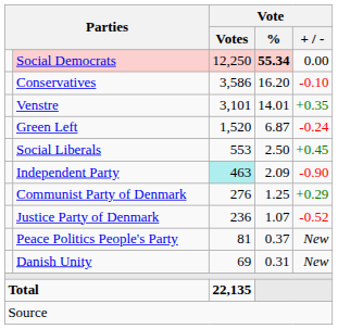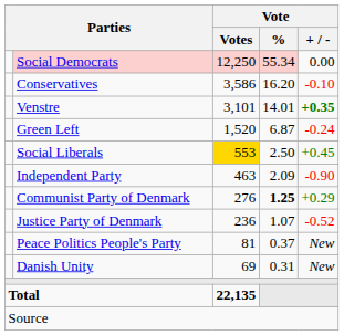 <table class="wikitable" style="text-align:right;">
 <tr>
 <th style="text-align:centre;" rowspan="2" colspan="2" width="225">Parties</th>
 <th colspan="3">Vote</th>
 </tr>
 <tr>
 <th width="15">Votes</th>
 <th width="15">%</th>
 <th width="15">+ / -</th>
 </tr>
 <tr>
 <td width="2" style="color:inherit;background:"></td>
 <td bgcolor=#fbd0ce  align="left"><a href='#'>Social Democrats</a></td>
 <td bgcolor=#fbd0ce>12,250</td>
-<td bgcolor=#fbd0ce><strong>55.34</strong></td>
+<td bgcolor=#fbd0ce>55.34</td>
 <td>0.00</td>
 </tr>
 <tr>
 <td width="2" style="color:inherit;background:"></td>
 <td align="left"><a href='#'>Conservatives</a></td>
 <td>3,586</td>
 <td>16.20</td>
 <td style=color:red;>-0.10</td>
 </tr>
 <tr>
 <td width="2" style="color:inherit;background:"></td>
 <td align="left"><a href='#'>Venstre</a></td>
 <td>3,101</td>
 <td>14.01</td>
-<td style=color:green;>+0.35</td>
+<td style=color:green;><strong>+0.35</strong></td>
 </tr>
 <tr>
 <td width="2" style="color:inherit;background:"></td>
 <td align="left"><a href='#'>Green Left</a></td>
 <td>1,520</td>
 <td>6.87</td>
 <td style=color:red;>-0.24</td>
 </tr>
 <tr>
 <td width="2" style="color:inherit;background:"></td>
 <td align="left"><a href='#'>Social Liberals</a></td>
-<td>553</td>
+<td style="background: gold;">553</td>
 <td>2.50</td>
 <td style=color:green;>+0.45</td>
 </tr>
 <tr>
 <td width="2" style="color:inherit;background:"></td>
 <td align="left"><a href='#'>Independent Party</a></td>
-<td style="background: paleturquoise;">463</td>
+<td>463</td>
 <td>2.09</td>
 <td style=color:red;>-0.90</td>
 </tr>
 <tr>
 <td width="2" style="color:inherit;background:"></td>
 <td align="left"><a href='#'>Communist Party of Denmark</a></td>
 <td>276</td>
-<td>1.25</td>
+<td><strong>1.25</strong></td>
 <td style=color:green;>+0.29</td>
 </tr>
 <tr>
 <td width="2" style="color:inherit;background:"></td>
 <td align="left"><a href='#'>Justice Party of Denmark</a></td>
 <td>236</td>
 <td>1.07</td>
 <td style=color:red;>-0.52</td>
 </tr>
 <tr>
 <td width="2" style="color:inherit;background:"></td>
 <td align="left"><a href='#'>Peace Politics People's Party</a></td>
 <td>81</td>
 <td>0.37</td>
 <td><em>New</em></td>
 </tr>
 <tr>
 <td width="2" style="color:inherit;background:"></td>
 <td align="left"><a href='#'>Danish Unity</a></td>
 <td>69</td>
 <td>0.31</td>
 <td><em>New</em></td>
 </tr>
 <tr>
 <td colspan="7" bgcolor="#E9E9E9"></td>
 </tr>
 <tr>
 <td align="left" colspan="2"><strong>Total</strong></td>
 <td><strong>22,135</strong></td>
 <td bgcolor="#E9E9E9" colspan="2"></td>
 </tr>
 <tr>
 <td align="left" colspan="6">Source</td>
 </tr>
 </table>
